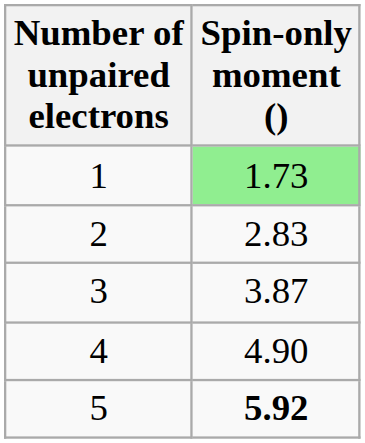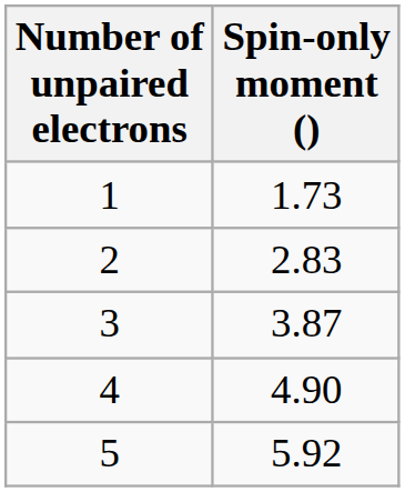 <table class="wikitable" style="text-align:center">
 <tr>
 <th>Number of<br>unpaired<br>electrons</th>
 <th>Spin-only<br>moment<br>()</th>
 </tr>
 <tr>
 <td>1</td>
-<td style="background: lightgreen;">1.73</td>
+<td>1.73</td>
 </tr>
 <tr>
 <td>2</td>
 <td>2.83</td>
 </tr>
 <tr>
 <td>3</td>
 <td>3.87</td>
 </tr>
 <tr>
 <td>4</td>
 <td>4.90</td>
 </tr>
 <tr>
 <td>5</td>
-<td><strong>5.92</strong></td>
+<td>5.92</td>
 </tr>
 </table>
